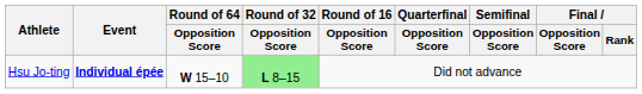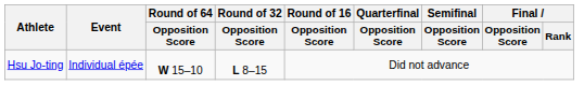 <table class="wikitable" style="font-size:90%">
 <tr>
 <th rowspan="2">Athlete</th>
 <th rowspan="2">Event</th>
 <th>Round of 64</th>
 <th>Round of 32</th>
 <th>Round of 16</th>
 <th>Quarterfinal</th>
 <th>Semifinal</th>
 <th colspan=2>Final / </th>
 </tr>
 <tr style="font-size:95%">
 <th>Opposition <br> Score</th>
 <th>Opposition <br> Score</th>
 <th>Opposition <br> Score</th>
 <th>Opposition <br> Score</th>
 <th>Opposition <br> Score</th>
 <th>Opposition <br> Score</th>
 <th>Rank</th>
 </tr>
 <tr align=center>
 <td align=left><a href='#'>Hsu Jo-ting</a></td>
-<td align=left><strong><a href='#'>Individual épée</a></strong></td>
+<td align=left><a href='#'>Individual épée</a></td>
 <td> <br> <strong>W</strong> 15–10</td>
-<td style="background: lightgreen;"> <br> <strong>L</strong> 8–15</td>
+<td> <br> <strong>L</strong> 8–15</td>
 <td colspan=5>Did not advance</td>
 </tr>
 </table>
